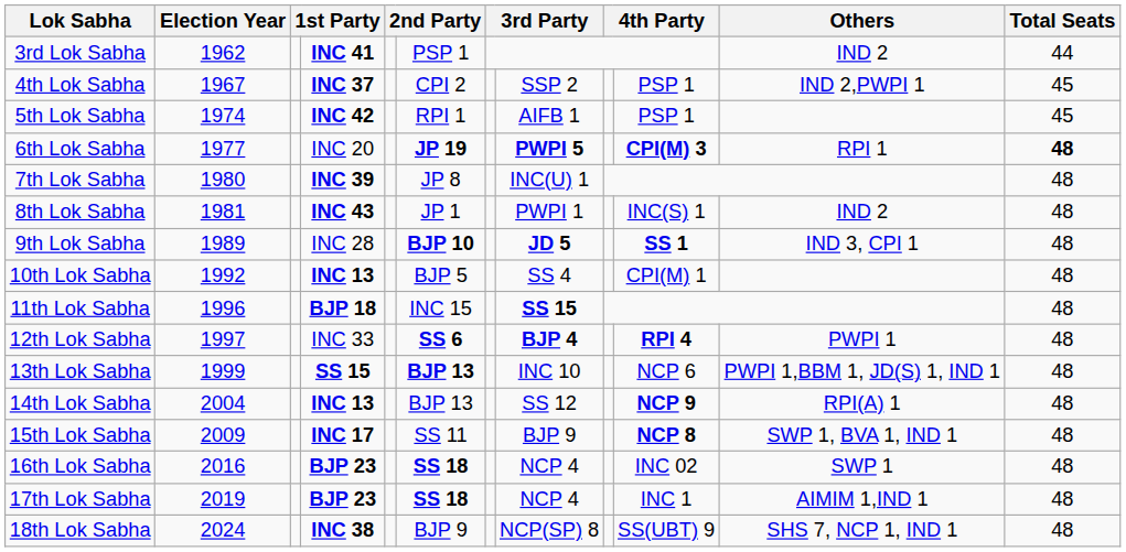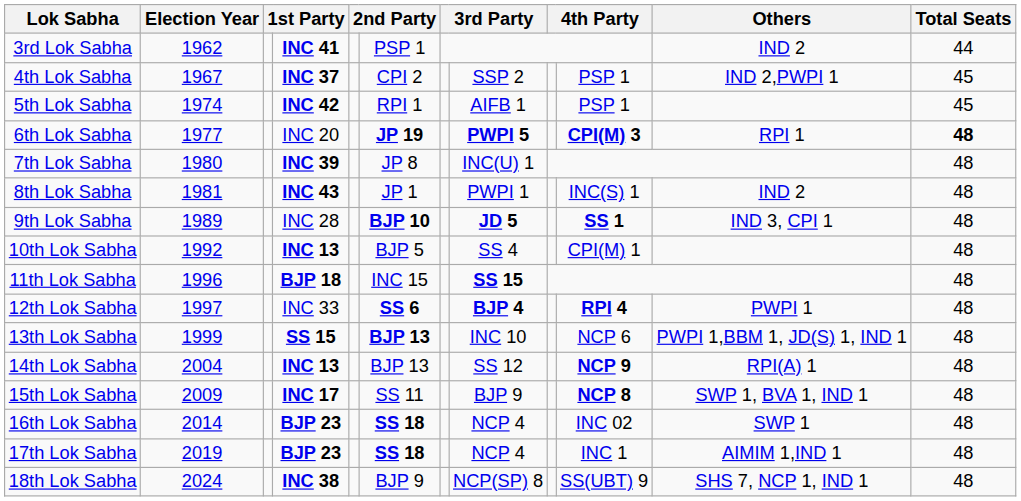 <table class="wikitable" style="text-align:center">
 <tr>
 <th>Lok Sabha</th>
 <th>Election Year</th>
 <th colspan="2">1st Party</th>
 <th colspan="2">2nd Party</th>
 <th colspan="2">3rd Party</th>
 <th colspan="2">4th Party</th>
 <th>Others</th>
 <th>Total Seats</th>
 </tr>
 <tr>
 <td><a href='#'>3rd Lok Sabha</a></td>
 <td><a href='#'>1962</a></td>
 <td style="background-color: "></td>
 <td><strong><a href='#'>INC</a> 41</strong></td>
 <td style="background-color:"></td>
 <td><a href='#'>PSP</a> 1</td>
 <td colspan =4></td>
 <td><a href='#'>IND</a> 2</td>
 <td>44</td>
 </tr>
 <tr>
 <td><a href='#'>4th Lok Sabha</a></td>
 <td><a href='#'>1967</a></td>
 <td style="background-color: "></td>
 <td><strong><a href='#'>INC</a> 37</strong></td>
 <td style="background-color:"></td>
 <td><a href='#'>CPI</a> 2</td>
 <td style="background-color:"></td>
 <td><a href='#'>SSP</a> 2</td>
 <td style="background-color:"></td>
 <td><a href='#'>PSP</a> 1</td>
 <td><a href='#'>IND</a> 2,<a href='#'>PWPI</a> 1</td>
 <td>45</td>
 </tr>
 <tr>
 <td><a href='#'>5th Lok Sabha</a></td>
 <td><a href='#'>1974</a></td>
 <td style="background-color: "></td>
 <td><strong><a href='#'>INC</a> 42</strong></td>
 <td style="background-color:"></td>
 <td><a href='#'>RPI</a> 1</td>
 <td style="background-color:"></td>
 <td><a href='#'>AIFB</a> 1</td>
 <td style="background-color:"></td>
 <td><a href='#'>PSP</a> 1</td>
 <td colsapn=2></td>
 <td>45</td>
 </tr>
 <tr>
 <td><a href='#'>6th Lok Sabha</a></td>
 <td><a href='#'>1977</a></td>
 <td style="background-color: "></td>
 <td><a href='#'>INC</a> 20</td>
 <td style="background-color:"></td>
 <td><strong><a href='#'>JP</a> 19</strong></td>
 <td style="background-color:"></td>
 <td><strong><a href='#'>PWPI</a> 5</strong></td>
 <td style="background-color:"></td>
 <td><strong><a href='#'>CPI(M)</a> 3</strong></td>
 <td><a href='#'>RPI</a> 1</td>
 <td><strong>48</strong></td>
 </tr>
 <tr>
 <td><a href='#'>7th Lok Sabha</a></td>
 <td><a href='#'>1980</a></td>
 <td style="background-color: "></td>
 <td><strong><a href='#'>INC</a> 39</strong></td>
 <td style="background-color:"></td>
 <td><a href='#'>JP</a> 8</td>
 <td style="background-color:"></td>
 <td><a href='#'>INC(U)</a> 1</td>
 <td colspan=3></td>
 <td>48</td>
 </tr>
 <tr>
 <td><a href='#'>8th Lok Sabha</a></td>
 <td><a href='#'>1981</a></td>
 <td style="background-color: "></td>
 <td><strong><a href='#'>INC</a> 43</strong></td>
 <td style="background-color:"></td>
 <td><a href='#'>JP</a> 1</td>
 <td style="background-color:"></td>
 <td><a href='#'>PWPI</a> 1</td>
 <td style="background-color:"></td>
 <td><a href='#'>INC(S)</a> 1</td>
 <td><a href='#'>IND</a> 2</td>
 <td>48</td>
 </tr>
 <tr>
 <td><a href='#'>9th Lok Sabha</a></td>
 <td><a href='#'>1989</a></td>
 <td style="background-color: "></td>
 <td><a href='#'>INC</a> 28</td>
 <td style="background-color:"></td>
 <td><strong><a href='#'>BJP</a> 10</strong></td>
 <td style="background-color:"></td>
 <td><strong><a href='#'>JD</a> 5</strong></td>
 <td style="background-color:"></td>
 <td><strong><a href='#'>SS</a> 1</strong></td>
 <td><a href='#'>IND</a> 3, <a href='#'>CPI</a> 1</td>
 <td>48</td>
 </tr>
 <tr>
 <td><a href='#'>10th Lok Sabha</a></td>
 <td><a href='#'>1992</a></td>
 <td style="background-color: "></td>
 <td><strong><a href='#'>INC</a> 13</strong></td>
 <td style="background-color:"></td>
 <td><a href='#'>BJP</a> 5</td>
 <td style="background-color:"></td>
 <td><a href='#'>SS</a> 4</td>
 <td style="background-color:"></td>
 <td><a href='#'>CPI(M)</a> 1</td>
 <td></td>
 <td>48</td>
 </tr>
 <tr>
 <td><a href='#'>11th Lok Sabha</a></td>
 <td><a href='#'>1996</a></td>
 <td style="background-color:"></td>
 <td><strong><a href='#'>BJP</a> 18</strong></td>
 <td style="background-color: "></td>
 <td><a href='#'>INC</a> 15</td>
 <td style="background-color:"></td>
 <td><strong><a href='#'>SS</a> 15</strong></td>
 <td colspan=3></td>
 <td>48</td>
 </tr>
 <tr>
 <td><a href='#'>12th Lok Sabha</a></td>
 <td><a href='#'>1997</a></td>
 <td style="background-color: "></td>
 <td><a href='#'>INC</a> 33</td>
 <td style="background-color:"></td>
 <td><strong><a href='#'>SS</a> 6</strong></td>
 <td style="background-color:"></td>
 <td><strong><a href='#'>BJP</a> 4</strong></td>
 <td style="background-color:"></td>
 <td><strong><a href='#'>RPI</a> 4</strong></td>
 <td><a href='#'>PWPI</a> 1</td>
 <td>48</td>
 </tr>
 <tr>
 <td><a href='#'>13th Lok Sabha</a></td>
 <td><a href='#'>1999</a></td>
 <td style="background-color:"></td>
 <td><strong><a href='#'>SS</a> 15</strong></td>
 <td style="background-color:"></td>
 <td><strong><a href='#'>BJP</a> 13</strong></td>
 <td style="background-color: "></td>
 <td><a href='#'>INC</a> 10</td>
 <td style="background-color: "></td>
 <td><a href='#'>NCP</a> 6</td>
 <td><a href='#'>PWPI</a> 1,<a href='#'>BBM</a> 1, <a href='#'>JD(S)</a> 1, <a href='#'>IND</a> 1</td>
 <td>48</td>
 </tr>
 <tr>
 <td><a href='#'>14th Lok Sabha</a></td>
 <td><a href='#'>2004</a></td>
 <td style="background-color: "></td>
 <td><strong><a href='#'>INC</a> 13</strong></td>
 <td style="background-color:"></td>
 <td><a href='#'>BJP</a> 13</td>
 <td style="background-color:"></td>
 <td><a href='#'>SS</a> 12</td>
 <td style="background-color: "></td>
 <td><strong><a href='#'>NCP</a> 9</strong></td>
 <td><a href='#'>RPI(A)</a> 1</td>
 <td>48</td>
 </tr>
 <tr>
 <td><a href='#'>15th Lok Sabha</a></td>
 <td><a href='#'>2009</a></td>
 <td style="background-color: "></td>
 <td><strong><a href='#'>INC</a> 17</strong></td>
 <td style="background-color:"></td>
 <td><a href='#'>SS</a> 11</td>
 <td style="background-color:"></td>
 <td><a href='#'>BJP</a> 9</td>
 <td style="background-color: "></td>
 <td><strong><a href='#'>NCP</a> 8</strong></td>
 <td><a href='#'>SWP</a> 1, <a href='#'>BVA</a> 1, <a href='#'>IND</a> 1</td>
 <td>48</td>
 </tr>
 <tr>
 <td><a href='#'>16th Lok Sabha</a></td>
-<td><a href='#'>2016</a></td>
+<td><a href='#'>2014</a></td>
 <td style="background-color:"></td>
 <td><strong><a href='#'>BJP</a> 23</strong></td>
 <td style="background-color:"></td>
 <td><strong><a href='#'>SS</a> 18</strong></td>
 <td style="background-color: "></td>
 <td><a href='#'>NCP</a> 4</td>
 <td style="background-color: "></td>
 <td><a href='#'>INC</a> 02</td>
 <td><a href='#'>SWP</a> 1</td>
 <td>48</td>
 </tr>
 <tr>
 <td><a href='#'>17th Lok Sabha</a></td>
 <td><a href='#'>2019</a></td>
 <td style="background-color:"></td>
 <td><strong><a href='#'>BJP</a> 23</strong></td>
 <td style="background-color:"></td>
 <td><strong><a href='#'>SS</a> 18</strong></td>
 <td style="background-color: "></td>
 <td><a href='#'>NCP</a> 4</td>
 <td style="background-color: "></td>
 <td><a href='#'>INC</a> 1</td>
 <td><a href='#'>AIMIM</a> 1,<a href='#'>IND</a> 1</td>
 <td>48</td>
 </tr>
 <tr>
 <td><a href='#'>18th Lok Sabha</a></td>
 <td><a href='#'>2024</a></td>
 <td style="background-color: "></td>
 <td><strong><a href='#'>INC</a> 38</strong></td>
 <td style="background-color:"></td>
 <td><a href='#'>BJP</a> 9</td>
 <td style="background-color: "></td>
 <td><a href='#'>NCP(SP)</a> 8</td>
 <td style="background-color:"></td>
 <td><a href='#'>SS(UBT)</a> 9</td>
 <td><a href='#'>SHS</a> 7, <a href='#'>NCP</a> 1, <a href='#'>IND</a> 1</td>
 <td>48</td>
 </tr>
 </table>
